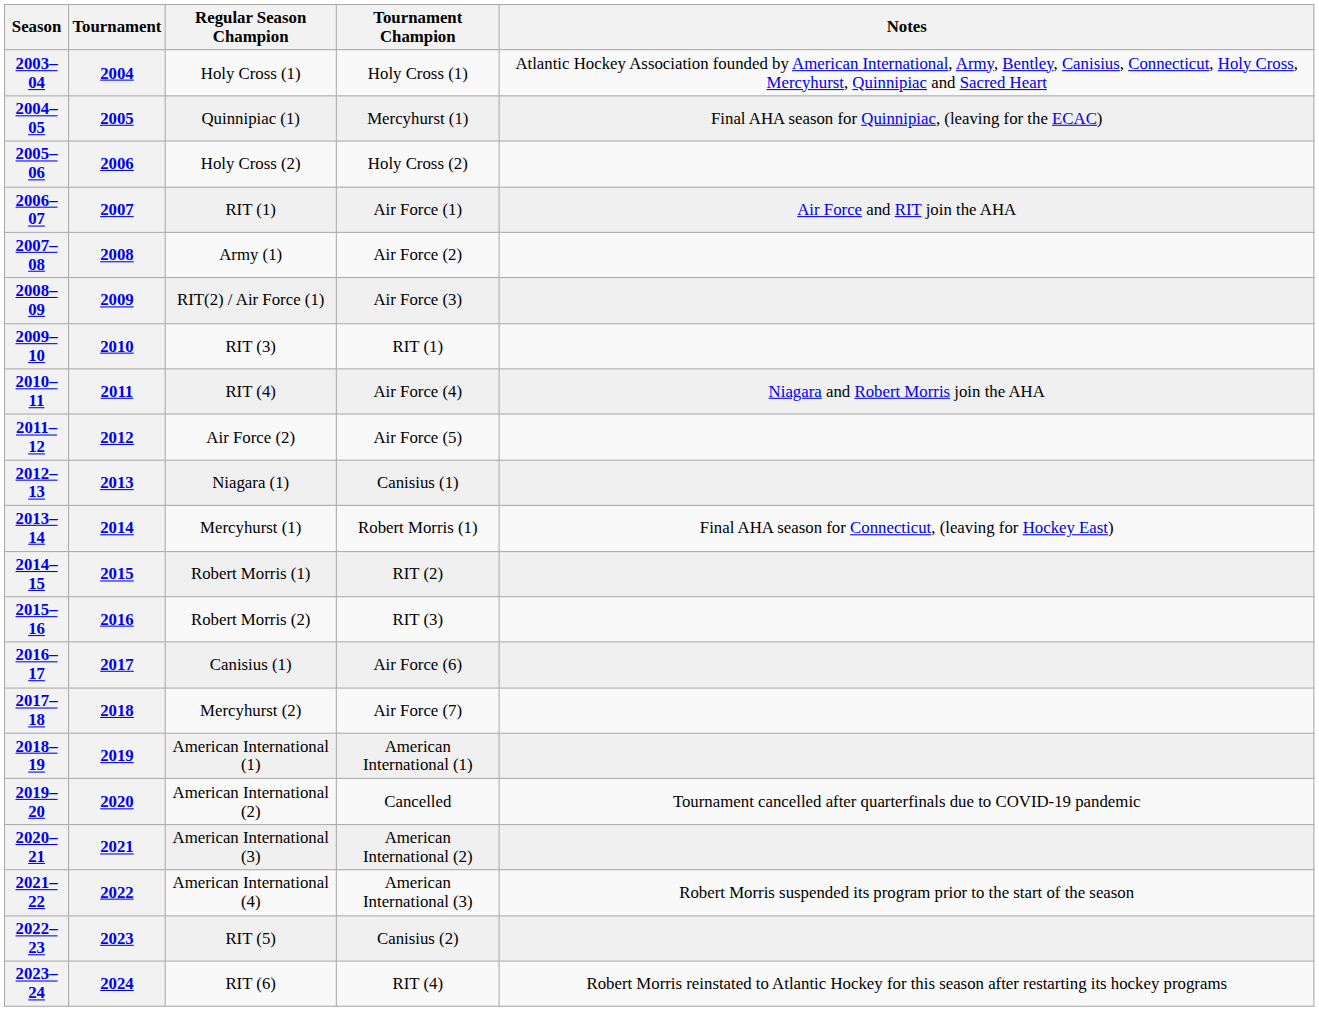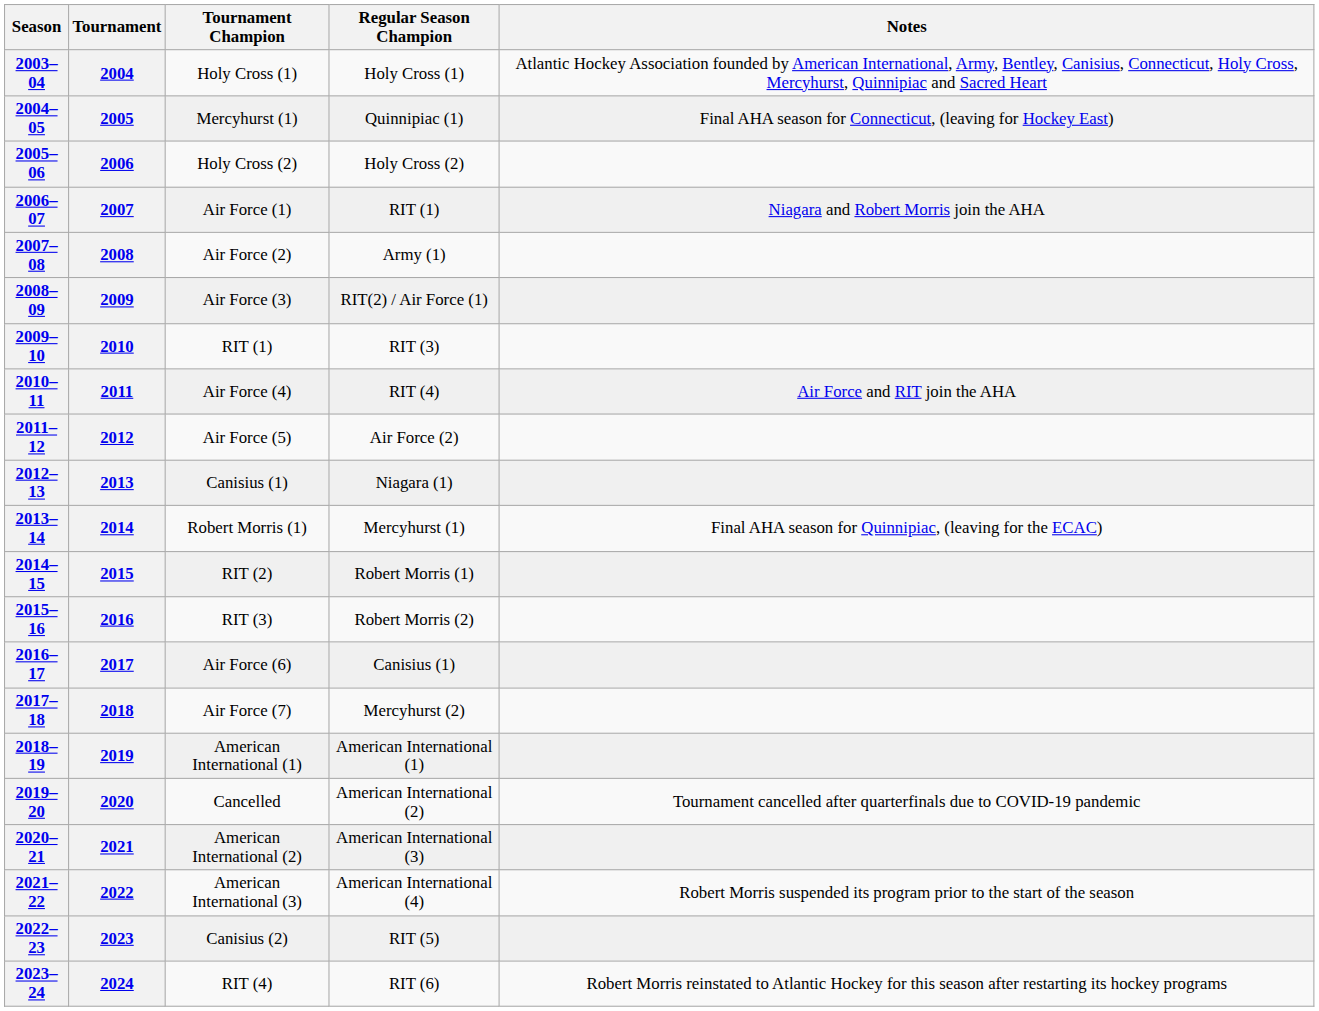 <table class="wikitable" style="text-align: center;">
 <tr>
 <th>Season</th>
 <th>Tournament</th>
+<th>Tournament Champion</th>
 <th>Regular Season Champion</th>
-<th>Tournament Champion</th>
 <th>Notes</th>
 </tr>
 <tr>
 <th><a href='#'>2003–04</a></th>
 <th><a href='#'>2004</a></th>
 <td>Holy Cross (1)</td>
 <td>Holy Cross (1)</td>
 <td>Atlantic Hockey Association founded by <a href='#'>American International</a>, <a href='#'>Army</a>, <a href='#'>Bentley</a>, <a href='#'>Canisius</a>, <a href='#'>Connecticut</a>, <a href='#'>Holy Cross</a>, <a href='#'>Mercyhurst</a>, <a href='#'>Quinnipiac</a> and <a href='#'>Sacred Heart</a></td>
 </tr>
 <tr bgcolor=f0f0f0>
 <th><a href='#'>2004–05</a></th>
 <th><a href='#'>2005</a></th>
+<td>Mercyhurst (1)</td>
 <td>Quinnipiac (1)</td>
-<td>Mercyhurst (1)</td>
-<td>Final AHA season for <a href='#'>Quinnipiac</a>, (leaving for the <a href='#'>ECAC</a>)</td>
+<td>Final AHA season for <a href='#'>Connecticut</a>, (leaving for <a href='#'>Hockey East</a>)</td>
 </tr>
 <tr>
 <th><a href='#'>2005–06</a></th>
 <th><a href='#'>2006</a></th>
 <td>Holy Cross (2)</td>
 <td>Holy Cross (2)</td>
 <td></td>
 </tr>
 <tr bgcolor=f0f0f0>
 <th><a href='#'>2006–07</a></th>
 <th><a href='#'>2007</a></th>
+<td>Air Force (1)</td>
 <td>RIT (1)</td>
-<td>Air Force (1)</td>
-<td><a href='#'>Air Force</a> and <a href='#'>RIT</a> join the AHA</td>
+<td><a href='#'>Niagara</a> and <a href='#'>Robert Morris</a> join the AHA</td>
 </tr>
 <tr>
 <th><a href='#'>2007–08</a></th>
 <th><a href='#'>2008</a></th>
+<td>Air Force (2)</td>
 <td>Army (1)</td>
-<td>Air Force (2)</td>
 <td></td>
 </tr>
 <tr bgcolor=f0f0f0>
 <th><a href='#'>2008–09</a></th>
 <th><a href='#'>2009</a></th>
+<td>Air Force (3)</td>
 <td>RIT(2) / Air Force (1)</td>
-<td>Air Force (3)</td>
 <td></td>
 </tr>
 <tr>
 <th><a href='#'>2009–10</a></th>
 <th><a href='#'>2010</a></th>
+<td>RIT (1)</td>
 <td>RIT (3)</td>
-<td>RIT (1)</td>
 <td></td>
 </tr>
 <tr bgcolor=f0f0f0>
 <th><a href='#'>2010–11</a></th>
 <th><a href='#'>2011</a></th>
+<td>Air Force (4)</td>
 <td>RIT (4)</td>
-<td>Air Force (4)</td>
-<td><a href='#'>Niagara</a> and <a href='#'>Robert Morris</a> join the AHA</td>
+<td><a href='#'>Air Force</a> and <a href='#'>RIT</a> join the AHA</td>
 </tr>
 <tr>
 <th><a href='#'>2011–12</a></th>
 <th><a href='#'>2012</a></th>
+<td>Air Force (5)</td>
 <td>Air Force (2)</td>
-<td>Air Force (5)</td>
 <td></td>
 </tr>
 <tr bgcolor=f0f0f0>
 <th><a href='#'>2012–13</a></th>
 <th><a href='#'>2013</a></th>
+<td>Canisius (1)</td>
 <td>Niagara (1)</td>
-<td>Canisius (1)</td>
 <td></td>
 </tr>
 <tr>
 <th><a href='#'>2013–14</a></th>
 <th><a href='#'>2014</a></th>
+<td>Robert Morris (1)</td>
 <td>Mercyhurst (1)</td>
-<td>Robert Morris (1)</td>
-<td>Final AHA season for <a href='#'>Connecticut</a>, (leaving for <a href='#'>Hockey East</a>)</td>
+<td>Final AHA season for <a href='#'>Quinnipiac</a>, (leaving for the <a href='#'>ECAC</a>)</td>
 </tr>
 <tr bgcolor=f0f0f0>
 <th><a href='#'>2014–15</a></th>
 <th><a href='#'>2015</a></th>
+<td>RIT (2)</td>
 <td>Robert Morris (1)</td>
-<td>RIT (2)</td>
 <td></td>
 </tr>
 <tr>
 <th><a href='#'>2015–16</a></th>
 <th><a href='#'>2016</a></th>
+<td>RIT (3)</td>
 <td>Robert Morris (2)</td>
-<td>RIT (3)</td>
 <td></td>
 </tr>
 <tr bgcolor=f0f0f0>
 <th><a href='#'>2016–17</a></th>
 <th><a href='#'>2017</a></th>
+<td>Air Force (6)</td>
 <td>Canisius (1)</td>
-<td>Air Force (6)</td>
 <td></td>
 </tr>
 <tr>
 <th><a href='#'>2017–18</a></th>
 <th><a href='#'>2018</a></th>
+<td>Air Force (7)</td>
 <td>Mercyhurst (2)</td>
-<td>Air Force (7)</td>
 <td></td>
 </tr>
 <tr bgcolor=f0f0f0>
 <th><a href='#'>2018–19</a></th>
 <th><a href='#'>2019</a></th>
 <td>American International (1)</td>
 <td>American International (1)</td>
 <td></td>
 </tr>
 <tr>
 <th><a href='#'>2019–20</a></th>
 <th><a href='#'>2020</a></th>
+<td>Cancelled</td>
 <td>American International (2)</td>
-<td>Cancelled</td>
 <td>Tournament cancelled after quarterfinals due to COVID-19 pandemic</td>
 </tr>
 <tr bgcolor=f0f0f0>
 <th><a href='#'>2020–21</a></th>
 <th><a href='#'>2021</a></th>
+<td>American International (2)</td>
 <td>American International (3)</td>
-<td>American International (2)</td>
 <td></td>
 </tr>
 <tr>
 <th><a href='#'>2021–22</a></th>
 <th><a href='#'>2022</a></th>
+<td>American International (3)</td>
 <td>American International (4)</td>
-<td>American International (3)</td>
 <td>Robert Morris suspended its program prior to the start of the season</td>
 </tr>
 <tr bgcolor=f0f0f0>
 <th><a href='#'>2022–23</a></th>
 <th><a href='#'>2023</a></th>
+<td>Canisius (2)</td>
 <td>RIT (5)</td>
-<td>Canisius (2)</td>
 <td></td>
 </tr>
 <tr>
 <th><a href='#'>2023–24</a></th>
 <th><a href='#'>2024</a></th>
+<td>RIT (4)</td>
 <td>RIT (6)</td>
-<td>RIT (4)</td>
 <td>Robert Morris reinstated to Atlantic Hockey for this season after restarting its hockey programs</td>
 </tr>
 </table>
